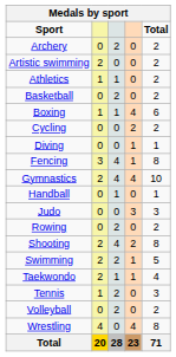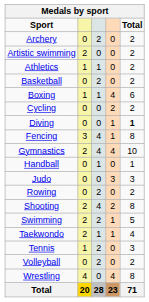 <table class="wikitable" style="font-size:85%; float:right; text-align:center">
 <tr style="background:#efefef;">
 <th colspan=7>Medals by sport</th>
 </tr>
 <tr>
 <td><strong>Sport</strong></td>
 <td style="background:#f7f6a8;"></td>
 <td style="background:#dce5e5;"></td>
 <td style="background:#ffdab9;"></td>
 <td><strong>Total</strong></td>
 </tr>
 <tr>
 <td><a href='#'>Archery</a></td>
 <td style="background:#f7f6a8;">0</td>
 <td style="background:#dce5e5;">2</td>
 <td style="background:#ffdab9;">0</td>
 <td>2</td>
 </tr>
 <tr>
 <td><a href='#'>Artistic swimming</a></td>
 <td style="background:#f7f6a8;">2</td>
 <td style="background:#dce5e5;">0</td>
 <td style="background:#ffdab9;">0</td>
 <td>2</td>
 </tr>
 <tr>
 <td><a href='#'>Athletics</a></td>
 <td style="background:#f7f6a8;">1</td>
 <td style="background:#dce5e5;">1</td>
 <td style="background:#ffdab9;">0</td>
 <td>2</td>
 </tr>
 <tr>
 <td><a href='#'>Basketball</a></td>
 <td style="background:#f7f6a8;">0</td>
 <td style="background:#dce5e5;">2</td>
 <td style="background:#ffdab9;">0</td>
 <td>2</td>
 </tr>
 <tr>
 <td><a href='#'>Boxing</a></td>
 <td style="background:#f7f6a8;">1</td>
 <td style="background:#dce5e5;">1</td>
 <td style="background:#ffdab9;">4</td>
 <td>6</td>
 </tr>
 <tr>
 <td><a href='#'>Cycling</a></td>
 <td style="background:#f7f6a8;">0</td>
 <td style="background:#dce5e5;">0</td>
 <td style="background:#ffdab9;">2</td>
 <td>2</td>
 </tr>
 <tr>
 <td><a href='#'>Diving</a></td>
 <td style="background:#f7f6a8;">0</td>
 <td style="background:#dce5e5;">0</td>
 <td style="background:#ffdab9;">1</td>
-<td>1</td>
+<td><strong>1</strong></td>
 </tr>
 <tr>
 <td><a href='#'>Fencing</a></td>
 <td style="background:#f7f6a8;">3</td>
 <td style="background:#dce5e5;">4</td>
 <td style="background:#ffdab9;">1</td>
 <td>8</td>
 </tr>
 <tr>
 <td><a href='#'>Gymnastics</a></td>
 <td style="background:#f7f6a8;">2</td>
 <td style="background:#dce5e5;">4</td>
 <td style="background:#ffdab9;">4</td>
 <td>10</td>
 </tr>
 <tr>
 <td><a href='#'>Handball</a></td>
 <td style="background:#f7f6a8;">0</td>
 <td style="background:#dce5e5;">1</td>
 <td style="background:#ffdab9;">0</td>
 <td>1</td>
 </tr>
 <tr>
 <td><a href='#'>Judo</a></td>
 <td style="background:#f7f6a8;">0</td>
 <td style="background:#dce5e5;">0</td>
 <td style="background:#ffdab9;">3</td>
 <td>3</td>
 </tr>
 <tr>
 <td><a href='#'>Rowing</a></td>
 <td style="background:#f7f6a8;">0</td>
 <td style="background:#dce5e5;">2</td>
 <td style="background:#ffdab9;">0</td>
 <td>2</td>
 </tr>
 <tr>
 <td><a href='#'>Shooting</a></td>
 <td style="background:#f7f6a8;">2</td>
 <td style="background:#dce5e5;">4</td>
 <td style="background:#ffdab9;">2</td>
 <td>8</td>
 </tr>
 <tr>
 <td><a href='#'>Swimming</a></td>
 <td style="background:#f7f6a8;">2</td>
 <td style="background:#dce5e5;">2</td>
 <td style="background:#ffdab9;">1</td>
 <td>5</td>
 </tr>
 <tr>
 <td><a href='#'>Taekwondo</a></td>
 <td style="background:#f7f6a8;">2</td>
 <td style="background:#dce5e5;">1</td>
 <td style="background:#ffdab9;">1</td>
 <td>4</td>
 </tr>
 <tr>
 <td><a href='#'>Tennis</a></td>
 <td style="background:#f7f6a8;">1</td>
 <td style="background:#dce5e5;">2</td>
 <td style="background:#ffdab9;">0</td>
 <td>3</td>
 </tr>
 <tr>
 <td><a href='#'>Volleyball</a></td>
 <td style="background:#f7f6a8;">0</td>
 <td style="background:#dce5e5;">2</td>
 <td style="background:#ffdab9;">0</td>
 <td>2</td>
 </tr>
 <tr>
 <td><a href='#'>Wrestling</a></td>
 <td style="background:#f7f6a8;">4</td>
 <td style="background:#dce5e5;">0</td>
 <td style="background:#ffdab9;">4</td>
 <td>8</td>
 </tr>
 <tr>
 <th>Total</th>
 <th style="background:gold;">20</th>
 <th style="background:silver;">28</th>
 <th style="background:#c96;">23</th>
 <th>71</th>
 </tr>
 </table>
